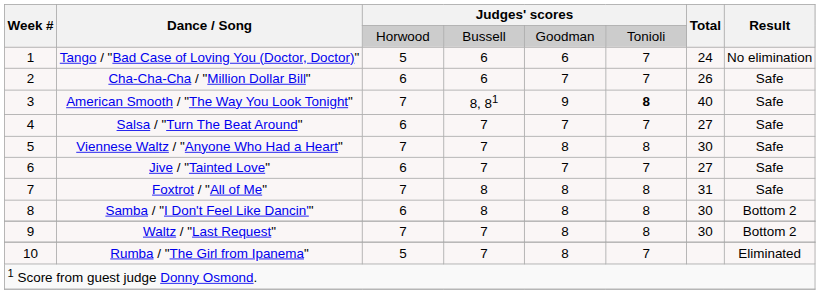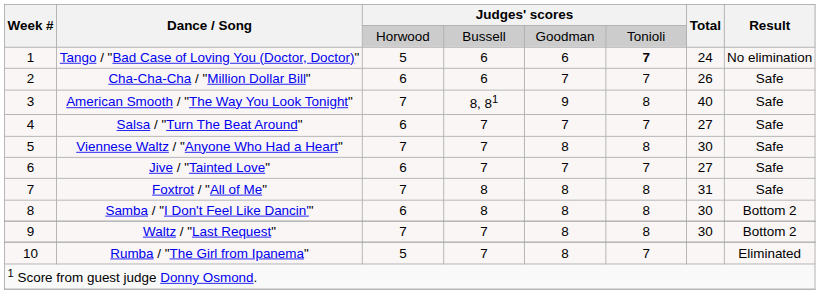 <table class="wikitable collapsible collapsed">
 <tr style="text-align:Center; background:#ccc;">
 <th rowspan="2">Week #</th>
 <th rowspan="2">Dance / Song</th>
 <th colspan="4">Judges' scores</th>
 <th rowspan="2">Total</th>
 <th rowspan="2">Result</th>
 </tr>
 <tr style="text-align:center; background:#ccc;">
 <td style="width:10%; ">Horwood</td>
 <td style="width:10%; ">Bussell</td>
 <td style="width:10%; ">Goodman</td>
 <td style="width:10%; ">Tonioli</td>
 </tr>
 <tr style="text-align: center; background:#faf6f6;">
 <td>1</td>
 <td><a href='#'>Tango</a> / "<a href='#'>Bad Case of Loving You (Doctor, Doctor)</a>"</td>
 <td>5</td>
 <td>6</td>
 <td>6</td>
-<td>7</td>
+<td><strong>7</strong></td>
 <td>24</td>
 <td>No elimination</td>
 </tr>
 <tr style="text-align:center; background:#faf6f6;">
 <td>2</td>
 <td><a href='#'>Cha-Cha-Cha</a> / "<a href='#'>Million Dollar Bill</a>"</td>
 <td>6</td>
 <td>6</td>
 <td>7</td>
 <td>7</td>
 <td>26</td>
 <td>Safe</td>
 </tr>
 <tr style="text-align: center; background:#faf6f6;">
 <td>3</td>
 <td><a href='#'>American Smooth</a> / "<a href='#'>The Way You Look Tonight</a>"</td>
 <td>7</td>
 <td>8, 8<sup>1</sup></td>
 <td>9</td>
-<td><strong>8</strong></td>
+<td>8</td>
 <td>40</td>
 <td>Safe</td>
 </tr>
 <tr style="text-align:center; background:#faf6f6;">
 <td>4</td>
 <td><a href='#'>Salsa</a> / "<a href='#'>Turn The Beat Around</a>"</td>
 <td>6</td>
 <td>7</td>
 <td>7</td>
 <td>7</td>
 <td>27</td>
 <td>Safe</td>
 </tr>
 <tr style="text-align: center; background:#faf6f6;">
 <td>5</td>
 <td><a href='#'>Viennese Waltz</a> / "<a href='#'>Anyone Who Had a Heart</a>"</td>
 <td>7</td>
 <td>7</td>
 <td>8</td>
 <td>8</td>
 <td>30</td>
 <td>Safe</td>
 </tr>
 <tr style="text-align: center; background:#faf6f6;">
 <td>6</td>
 <td><a href='#'>Jive</a> / "<a href='#'>Tainted Love</a>"</td>
 <td>6</td>
 <td>7</td>
 <td>7</td>
 <td>7</td>
 <td>27</td>
 <td>Safe</td>
 </tr>
 <tr style="text-align: center; background:#faf6f6;">
 <td>7</td>
 <td><a href='#'>Foxtrot</a> / "<a href='#'>All of Me</a>"</td>
 <td>7</td>
 <td>8</td>
 <td>8</td>
 <td>8</td>
 <td>31</td>
 <td>Safe</td>
 </tr>
 <tr style="text-align: center; background:#faf6f6;">
 <td>8</td>
 <td><a href='#'>Samba</a> / "<a href='#'>I Don't Feel Like Dancin'</a>"</td>
 <td>6</td>
 <td>8</td>
 <td>8</td>
 <td>8</td>
 <td>30</td>
 <td>Bottom 2</td>
 </tr>
 <tr>
 </tr>
 <tr style="text-align: center; background:#faf6f6;">
 <td>9</td>
 <td><a href='#'>Waltz</a> / "<a href='#'>Last Request</a>"</td>
 <td>7</td>
 <td>7</td>
 <td>8</td>
 <td>8</td>
 <td>30</td>
 <td>Bottom 2</td>
 </tr>
 <tr>
 </tr>
 <tr style="text-align: center; background:#faf6f6;">
 <td>10</td>
 <td><a href='#'>Rumba</a> / "<a href='#'>The Girl from Ipanema</a>"</td>
 <td>5</td>
 <td>7</td>
 <td>8</td>
 <td>7</td>
 <td></td>
 <td>Eliminated</td>
 </tr>
 <tr>
 <td colspan="8"><sup>1</sup> Score from guest judge <a href='#'>Donny Osmond</a>.</td>
 </tr>
 <tr style="text-align: center; background:#faf6f6;">
 </tr>
 </table>
